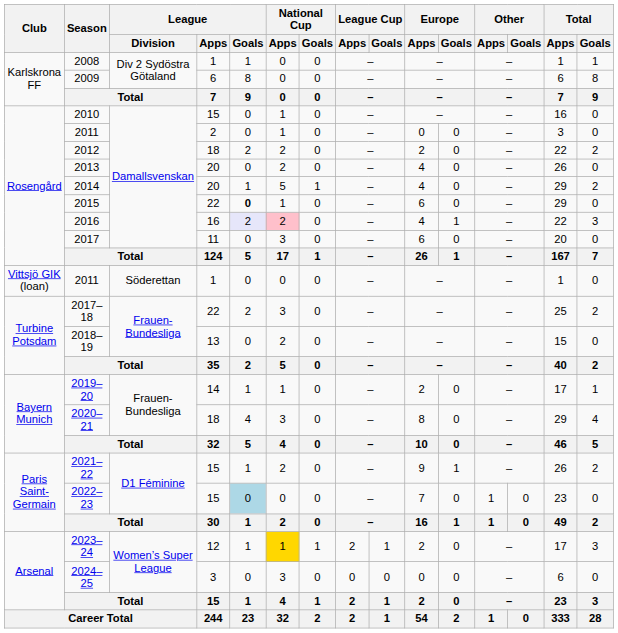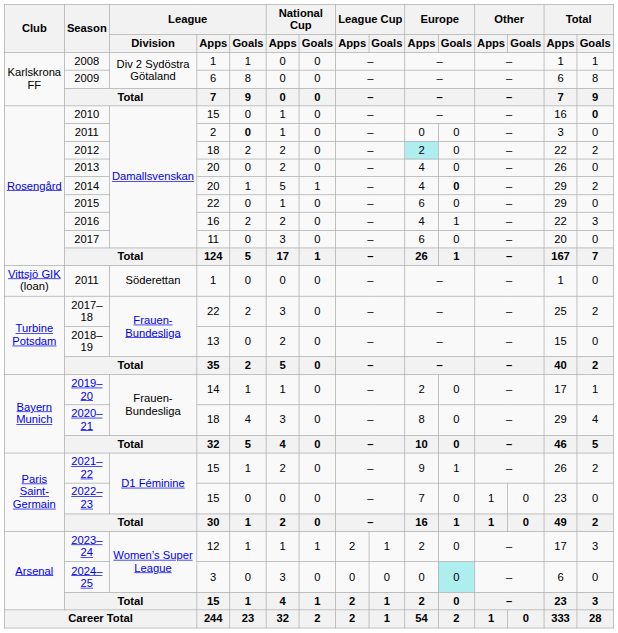 <table class="wikitable" style="text-align:center">
 <tr>
 <th rowspan="2">Club</th>
 <th rowspan="2">Season</th>
 <th colspan="3">League</th>
 <th colspan="2">National Cup</th>
 <th colspan="2">League Cup</th>
 <th colspan="2">Europe</th>
 <th colspan="2">Other</th>
 <th colspan="2">Total</th>
 </tr>
 <tr>
 <th>Division</th>
 <th>Apps</th>
 <th>Goals</th>
 <th>Apps</th>
 <th>Goals</th>
 <th>Apps</th>
 <th>Goals</th>
 <th>Apps</th>
 <th>Goals</th>
 <th>Apps</th>
 <th>Goals</th>
 <th>Apps</th>
 <th>Goals</th>
 </tr>
 <tr>
 <td rowspan="3">Karlskrona FF</td>
 <td>2008</td>
 <td rowspan="2">Div 2 Sydöstra Götaland</td>
 <td>1</td>
 <td>1</td>
 <td>0</td>
 <td>0</td>
 <td colspan="2">–</td>
 <td colspan="2">–</td>
 <td colspan="2">–</td>
 <td>1</td>
 <td>1</td>
 </tr>
 <tr>
 <td>2009</td>
 <td>6</td>
 <td>8</td>
 <td>0</td>
 <td>0</td>
 <td colspan="2">–</td>
 <td colspan="2">–</td>
 <td colspan="2">–</td>
 <td>6</td>
 <td>8</td>
 </tr>
 <tr>
 <th colspan="2">Total</th>
 <th>7</th>
 <th>9</th>
 <th>0</th>
 <th>0</th>
 <th colspan="2">–</th>
 <th colspan="2">–</th>
 <th colspan="2">–</th>
 <th>7</th>
 <th>9</th>
 </tr>
 <tr>
 <td rowspan="9"><a href='#'>Rosengård</a></td>
 <td>2010</td>
 <td rowspan="8"><a href='#'>Damallsvenskan</a></td>
 <td>15</td>
 <td>0</td>
 <td>1</td>
 <td>0</td>
 <td colspan="2">–</td>
 <td colspan="2">–</td>
 <td colspan="2">–</td>
 <td>16</td>
-<td>0</td>
+<td><strong>0</strong></td>
 </tr>
 <tr>
 <td>2011</td>
 <td>2</td>
-<td>0</td>
+<td><strong>0</strong></td>
 <td>1</td>
 <td>0</td>
 <td colspan="2">–</td>
 <td>0</td>
 <td>0</td>
 <td colspan="2">–</td>
 <td>3</td>
 <td>0</td>
 </tr>
 <tr>
 <td>2012</td>
 <td>18</td>
 <td>2</td>
 <td>2</td>
 <td>0</td>
 <td colspan="2">–</td>
-<td>2</td>
+<td style="background: paleturquoise;">2</td>
 <td>0</td>
 <td colspan="2">–</td>
 <td>22</td>
 <td>2</td>
 </tr>
 <tr>
 <td>2013</td>
 <td>20</td>
 <td>0</td>
 <td>2</td>
 <td>0</td>
 <td colspan="2">–</td>
 <td>4</td>
 <td>0</td>
 <td colspan="2">–</td>
 <td>26</td>
 <td>0</td>
 </tr>
 <tr>
 <td>2014</td>
 <td>20</td>
 <td>1</td>
 <td>5</td>
 <td>1</td>
 <td colspan="2">–</td>
 <td>4</td>
-<td>0</td>
+<td><strong>0</strong></td>
 <td colspan="2">–</td>
 <td>29</td>
 <td>2</td>
 </tr>
 <tr>
 <td>2015</td>
 <td>22</td>
-<td><strong>0</strong></td>
+<td>0</td>
 <td>1</td>
 <td>0</td>
 <td colspan="2">–</td>
 <td>6</td>
 <td>0</td>
 <td colspan="2">–</td>
 <td>29</td>
 <td>0</td>
 </tr>
 <tr>
 <td>2016</td>
 <td>16</td>
-<td style="background: lavender;">2</td>
-<td style="background: pink;">2</td>
+<td>2</td>
+<td>2</td>
 <td>0</td>
 <td colspan="2">–</td>
 <td>4</td>
 <td>1</td>
 <td colspan="2">–</td>
 <td>22</td>
 <td>3</td>
 </tr>
 <tr>
 <td>2017</td>
 <td>11</td>
 <td>0</td>
 <td>3</td>
 <td>0</td>
 <td colspan="2">–</td>
 <td>6</td>
 <td>0</td>
 <td colspan="2">–</td>
 <td>20</td>
 <td>0</td>
 </tr>
 <tr>
 <th colspan="2">Total</th>
 <th>124</th>
 <th>5</th>
 <th>17</th>
 <th>1</th>
 <th colspan="2">–</th>
 <th>26</th>
 <th>1</th>
 <th colspan="2">–</th>
 <th>167</th>
 <th>7</th>
 </tr>
 <tr>
 <td><a href='#'>Vittsjö GIK</a> (loan)</td>
 <td>2011</td>
 <td>Söderettan</td>
 <td>1</td>
 <td>0</td>
 <td>0</td>
 <td>0</td>
 <td colspan="2">–</td>
 <td colspan="2">–</td>
 <td colspan="2">–</td>
 <td>1</td>
 <td>0</td>
 </tr>
 <tr>
 <td rowspan="3"><a href='#'>Turbine Potsdam</a></td>
 <td>2017–18</td>
 <td rowspan="2"><a href='#'>Frauen-Bundesliga</a></td>
 <td>22</td>
 <td>2</td>
 <td>3</td>
 <td>0</td>
 <td colspan="2">–</td>
 <td colspan="2">–</td>
 <td colspan="2">–</td>
 <td>25</td>
 <td>2</td>
 </tr>
 <tr>
 <td>2018–19</td>
 <td>13</td>
 <td>0</td>
 <td>2</td>
 <td>0</td>
 <td colspan="2">–</td>
 <td colspan="2">–</td>
 <td colspan="2">–</td>
 <td>15</td>
 <td>0</td>
 </tr>
 <tr>
 <th colspan="2">Total</th>
 <th>35</th>
 <th>2</th>
 <th>5</th>
 <th>0</th>
 <th colspan="2">–</th>
 <th colspan="2">–</th>
 <th colspan="2">–</th>
 <th>40</th>
 <th>2</th>
 </tr>
 <tr>
 <td rowspan="3"><a href='#'>Bayern Munich</a></td>
 <td><a href='#'>2019–20</a></td>
 <td rowspan="2">Frauen-Bundesliga</td>
 <td>14</td>
 <td>1</td>
 <td>1</td>
 <td>0</td>
 <td colspan="2">–</td>
 <td>2</td>
 <td>0</td>
 <td colspan="2">–</td>
 <td>17</td>
 <td>1</td>
 </tr>
 <tr>
 <td><a href='#'>2020–21</a></td>
 <td>18</td>
 <td>4</td>
 <td>3</td>
 <td>0</td>
 <td colspan="2">–</td>
 <td>8</td>
 <td>0</td>
 <td colspan="2">–</td>
 <td>29</td>
 <td>4</td>
 </tr>
 <tr>
 <th colspan="2">Total</th>
 <th>32</th>
 <th>5</th>
 <th>4</th>
 <th>0</th>
 <th colspan="2">–</th>
 <th>10</th>
 <th>0</th>
 <th colspan="2">–</th>
 <th>46</th>
 <th>5</th>
 </tr>
 <tr>
 <td rowspan="3"><a href='#'>Paris Saint-Germain</a></td>
 <td><a href='#'>2021–22</a></td>
 <td rowspan="2"><a href='#'>D1 Féminine</a></td>
 <td>15</td>
 <td>1</td>
 <td>2</td>
 <td>0</td>
 <td colspan="2">–</td>
 <td>9</td>
 <td>1</td>
 <td colspan="2">–</td>
 <td>26</td>
 <td>2</td>
 </tr>
 <tr>
 <td><a href='#'>2022–23</a></td>
 <td>15</td>
-<td style="background: lightblue;">0</td>
+<td>0</td>
 <td>0</td>
 <td>0</td>
 <td colspan="2">–</td>
 <td>7</td>
 <td>0</td>
 <td>1</td>
 <td>0</td>
 <td>23</td>
 <td>0</td>
 </tr>
 <tr>
 <th colspan="2">Total</th>
 <th>30</th>
 <th>1</th>
 <th>2</th>
 <th>0</th>
 <th colspan="2">–</th>
 <th>16</th>
 <th>1</th>
 <th>1</th>
 <th>0</th>
 <th>49</th>
 <th>2</th>
 </tr>
 <tr>
 <td rowspan="3"><a href='#'>Arsenal</a></td>
 <td><a href='#'>2023–24</a></td>
 <td rowspan="2"><a href='#'>Women’s Super League</a></td>
 <td>12</td>
 <td>1</td>
-<td style="background: gold;">1</td>
+<td>1</td>
 <td>1</td>
 <td>2</td>
 <td>1</td>
 <td>2</td>
 <td>0</td>
 <td colspan="2">–</td>
 <td>17</td>
 <td>3</td>
 </tr>
 <tr>
 <td><a href='#'>2024–25</a></td>
 <td>3</td>
 <td>0</td>
 <td>3</td>
 <td>0</td>
 <td>0</td>
 <td>0</td>
 <td>0</td>
-<td>0</td>
+<td style="background: paleturquoise;">0</td>
 <td colspan="2">–</td>
 <td>6</td>
 <td>0</td>
 </tr>
 <tr>
 <th colspan="2">Total</th>
 <th>15</th>
 <th>1</th>
 <th>4</th>
 <th>1</th>
 <th>2</th>
 <th>1</th>
 <th>2</th>
 <th>0</th>
 <th colspan="2">–</th>
 <th>23</th>
 <th>3</th>
 </tr>
 <tr>
 <th colspan="3"><strong>Career Total</strong></th>
 <th>244</th>
 <th>23</th>
 <th>32</th>
 <th>2</th>
 <th>2</th>
 <th>1</th>
 <th>54</th>
 <th>2</th>
 <th>1</th>
 <th>0</th>
 <th>333</th>
 <th>28</th>
 </tr>
 </table>
